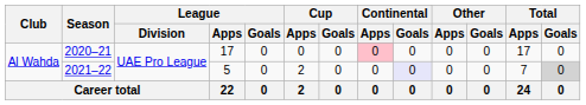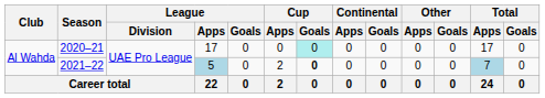 <table class="wikitable" style="text-align:center">
 <tr>
 <th rowspan="2">Club</th>
 <th rowspan="2">Season</th>
 <th colspan="3">League</th>
 <th colspan="2">Cup</th>
 <th colspan="2">Continental</th>
 <th colspan="2">Other</th>
 <th colspan="2">Total</th>
 </tr>
 <tr>
 <th>Division</th>
 <th>Apps</th>
 <th>Goals</th>
 <th>Apps</th>
 <th>Goals</th>
 <th>Apps</th>
 <th>Goals</th>
 <th>Apps</th>
 <th>Goals</th>
 <th>Apps</th>
 <th>Goals</th>
 </tr>
 <tr>
 <td rowspan="2"><a href='#'>Al Wahda</a></td>
 <td><a href='#'>2020–21</a></td>
 <td rowspan="2"><a href='#'>UAE Pro League</a></td>
 <td>17</td>
 <td>0</td>
 <td>0</td>
+<td style="background: paleturquoise;">0</td>
 <td>0</td>
-<td style="background: pink;">0</td>
 <td>0</td>
 <td>0</td>
 <td>0</td>
 <td>17</td>
 <td>0</td>
 </tr>
 <tr>
 <td><a href='#'>2021–22</a></td>
-<td>5</td>
+<td style="background: lightblue;">5</td>
 <td>0</td>
 <td>2</td>
+<td><strong>0</strong></td>
 <td>0</td>
 <td>0</td>
-<td style="background: lavender;">0</td>
 <td>0</td>
 <td>0</td>
-<td>7</td>
-<td style="background: lightgrey;">0</td>
+<td style="background: lightblue;">7</td>
+<td>0</td>
 </tr>
 <tr>
 <th colspan="3">Career total</th>
 <th>22</th>
 <th>0</th>
 <th>2</th>
 <th>0</th>
 <th>0</th>
 <th>0</th>
 <th>0</th>
 <th>0</th>
 <th>24</th>
 <th>0</th>
 </tr>
 </table>
